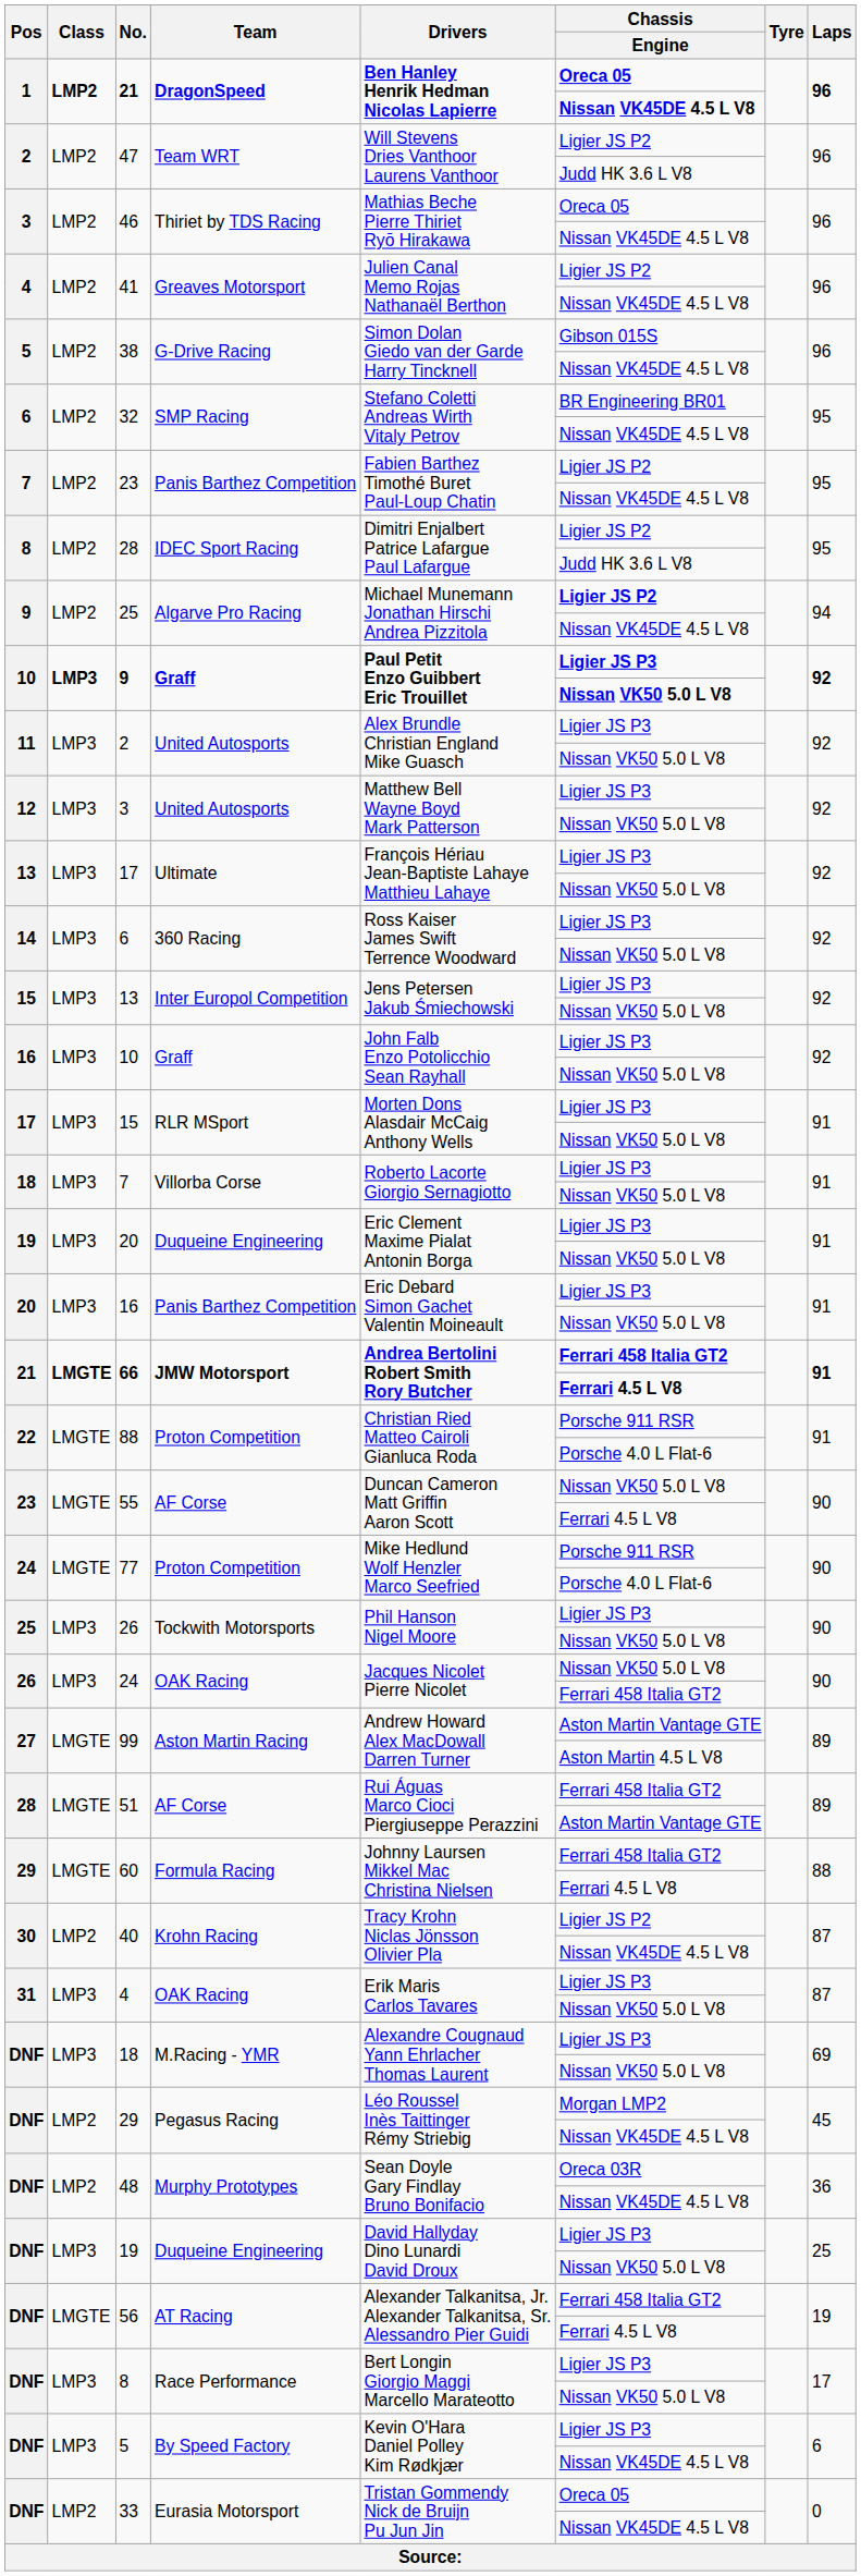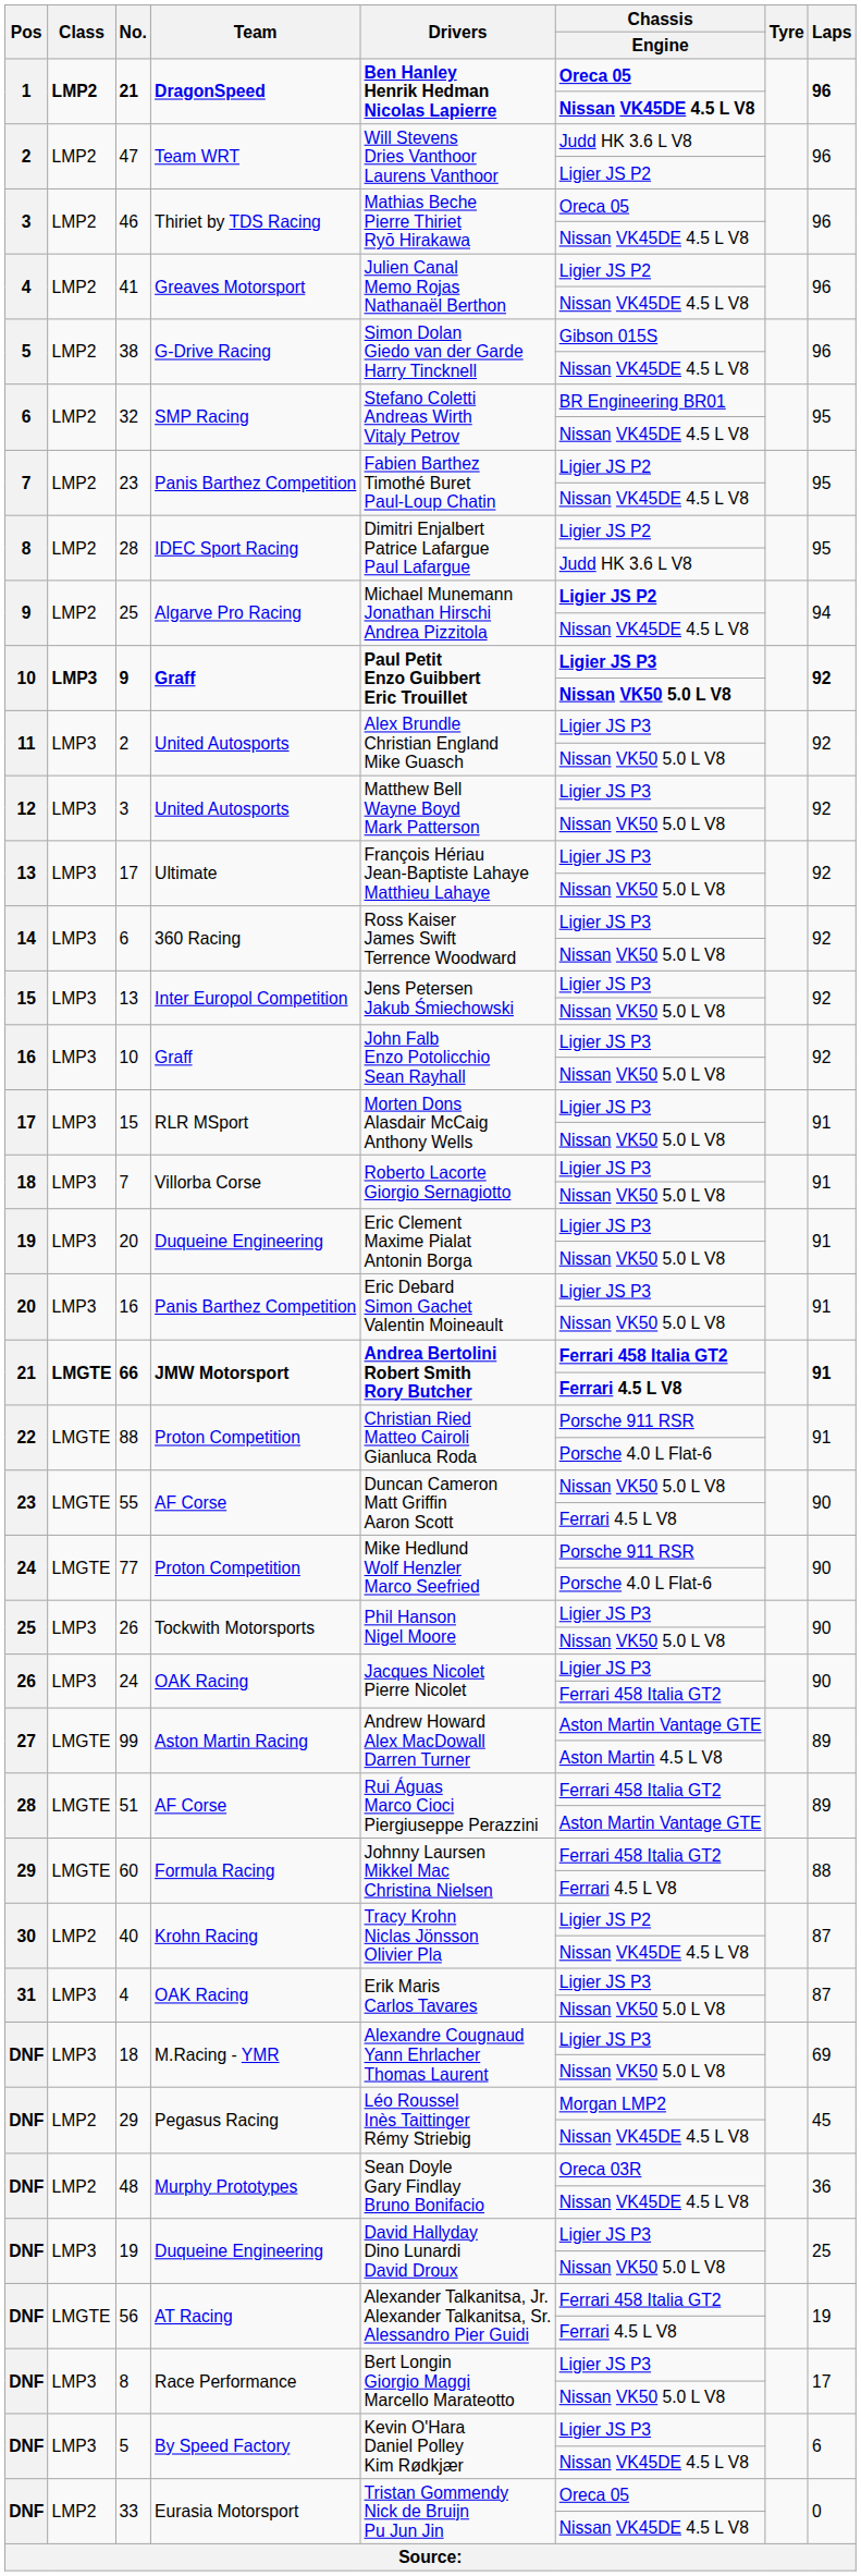 <table class="wikitable" style="font-size: 95%;">
 <tr>
 <th rowspan=2>Pos</th>
 <th rowspan=2>Class</th>
 <th rowspan=2>No.</th>
 <th rowspan=2>Team</th>
 <th rowspan=2>Drivers</th>
 <th>Chassis</th>
 <th rowspan=2>Tyre</th>
 <th rowspan=2>Laps</th>
 </tr>
 <tr>
 <th>Engine</th>
 </tr>
 <tr>
 <th rowspan=2>1</th>
 <td rowspan=2><strong>LMP2</strong></td>
 <td rowspan=2><strong>21</strong></td>
 <td rowspan=2><strong> <a href='#'>DragonSpeed</a></strong></td>
 <td rowspan=2><strong> <a href='#'>Ben Hanley</a><br> Henrik Hedman<br> <a href='#'>Nicolas Lapierre</a></strong></td>
 <td><a href='#'><strong>Oreca 05</strong></a></td>
 <td rowspan=2></td>
 <td rowspan=2><strong>96</strong></td>
 </tr>
 <tr>
 <td><strong><a href='#'>Nissan</a> <a href='#'>VK45DE</a> 4.5 L V8</strong></td>
 </tr>
 <tr>
 <th rowspan=2>2</th>
 <td rowspan=2>LMP2</td>
 <td rowspan=2>47</td>
 <td rowspan=2> <a href='#'>Team WRT</a></td>
 <td rowspan=2> <a href='#'>Will Stevens</a><br> <a href='#'>Dries Vanthoor</a><br> <a href='#'>Laurens Vanthoor</a></td>
-<td><a href='#'>Ligier JS P2</a></td>
+<td><a href='#'>Judd</a> HK 3.6 L V8</td>
 <td rowspan=2></td>
 <td rowspan=2>96</td>
 </tr>
 <tr>
-<td><a href='#'>Judd</a> HK 3.6 L V8</td>
+<td><a href='#'>Ligier JS P2</a></td>
 </tr>
 <tr>
 <th rowspan=2>3</th>
 <td rowspan=2>LMP2</td>
 <td rowspan=2>46</td>
 <td rowspan=2> Thiriet by <a href='#'>TDS Racing</a></td>
 <td rowspan=2> <a href='#'>Mathias Beche</a><br> <a href='#'>Pierre Thiriet</a><br> <a href='#'>Ryō Hirakawa</a></td>
 <td><a href='#'>Oreca 05</a></td>
 <td rowspan=2></td>
 <td rowspan=2>96</td>
 </tr>
 <tr>
 <td><a href='#'>Nissan</a> <a href='#'>VK45DE</a> 4.5 L V8</td>
 </tr>
 <tr>
 <th rowspan=2>4</th>
 <td rowspan=2>LMP2</td>
 <td rowspan=2>41</td>
 <td rowspan=2> <a href='#'>Greaves Motorsport</a></td>
 <td rowspan=2> <a href='#'>Julien Canal</a><br> <a href='#'>Memo Rojas</a><br> <a href='#'>Nathanaël Berthon</a></td>
 <td><a href='#'>Ligier JS P2</a></td>
 <td rowspan=2></td>
 <td rowspan=2>96</td>
 </tr>
 <tr>
 <td><a href='#'>Nissan</a> <a href='#'>VK45DE</a> 4.5 L V8</td>
 </tr>
 <tr>
 <th rowspan=2>5</th>
 <td rowspan=2>LMP2</td>
 <td rowspan=2>38</td>
 <td rowspan=2> <a href='#'>G-Drive Racing</a></td>
 <td rowspan=2> <a href='#'>Simon Dolan</a><br> <a href='#'>Giedo van der Garde</a><br> <a href='#'>Harry Tincknell</a></td>
 <td><a href='#'>Gibson 015S</a></td>
 <td rowspan=2></td>
 <td rowspan=2>96</td>
 </tr>
 <tr>
 <td><a href='#'>Nissan</a> <a href='#'>VK45DE</a> 4.5 L V8</td>
 </tr>
 <tr>
 <th rowspan=2>6</th>
 <td rowspan=2>LMP2</td>
 <td rowspan=2>32</td>
 <td rowspan=2> <a href='#'>SMP Racing</a></td>
 <td rowspan=2> <a href='#'>Stefano Coletti</a><br> <a href='#'>Andreas Wirth</a><br> <a href='#'>Vitaly Petrov</a></td>
 <td><a href='#'>BR Engineering BR01</a></td>
 <td rowspan=2></td>
 <td rowspan=2>95</td>
 </tr>
 <tr>
 <td><a href='#'>Nissan</a> <a href='#'>VK45DE</a> 4.5 L V8</td>
 </tr>
 <tr>
 <th rowspan=2>7</th>
 <td rowspan=2>LMP2</td>
 <td rowspan=2>23</td>
 <td rowspan=2> <a href='#'>Panis Barthez Competition</a></td>
 <td rowspan=2> <a href='#'>Fabien Barthez</a><br> Timothé Buret<br> <a href='#'>Paul-Loup Chatin</a></td>
 <td><a href='#'>Ligier JS P2</a></td>
 <td rowspan=2></td>
 <td rowspan=2>95</td>
 </tr>
 <tr>
 <td><a href='#'>Nissan</a> <a href='#'>VK45DE</a> 4.5 L V8</td>
 </tr>
 <tr>
 <th rowspan=2>8</th>
 <td rowspan=2>LMP2</td>
 <td rowspan=2>28</td>
 <td rowspan=2> <a href='#'>IDEC Sport Racing</a></td>
 <td rowspan=2> Dimitri Enjalbert<br> Patrice Lafargue<br> <a href='#'>Paul Lafargue</a></td>
 <td><a href='#'>Ligier JS P2</a></td>
 <td rowspan=2></td>
 <td rowspan=2>95</td>
 </tr>
 <tr>
 <td><a href='#'>Judd</a> HK 3.6 L V8</td>
 </tr>
 <tr>
 <th rowspan=2>9</th>
 <td rowspan=2>LMP2</td>
 <td rowspan=2>25</td>
 <td rowspan=2> <a href='#'>Algarve Pro Racing</a></td>
 <td rowspan=2> Michael Munemann<br> <a href='#'>Jonathan Hirschi</a><br> <a href='#'>Andrea Pizzitola</a></td>
 <td><strong><a href='#'>Ligier JS P2</a></strong></td>
 <td rowspan=2></td>
 <td rowspan=2>94</td>
 </tr>
 <tr>
 <td><a href='#'>Nissan</a> <a href='#'>VK45DE</a> 4.5 L V8</td>
 </tr>
 <tr>
 <th rowspan=2>10</th>
 <td rowspan=2><strong>LMP3</strong></td>
 <td rowspan=2><strong>9</strong></td>
 <td rowspan=2><strong> <a href='#'>Graff</a></strong></td>
 <td rowspan=2><strong> Paul Petit<br> Enzo Guibbert<br> Eric Trouillet</strong></td>
 <td><a href='#'><strong>Ligier JS P3</strong></a></td>
 <td rowspan=2></td>
 <td rowspan=2><strong>92</strong></td>
 </tr>
 <tr>
 <td><strong><a href='#'>Nissan</a> <a href='#'>VK50</a> 5.0 L V8</strong></td>
 </tr>
 <tr>
 <th rowspan=2>11</th>
 <td rowspan=2>LMP3</td>
 <td rowspan=2>2</td>
 <td rowspan=2> <a href='#'>United Autosports</a></td>
 <td rowspan=2> <a href='#'>Alex Brundle</a><br> Christian England<br> Mike Guasch</td>
 <td><a href='#'>Ligier JS P3</a></td>
 <td rowspan=2></td>
 <td rowspan=2>92</td>
 </tr>
 <tr>
 <td><a href='#'>Nissan</a> <a href='#'>VK50</a> 5.0 L V8</td>
 </tr>
 <tr>
 <th rowspan=2>12</th>
 <td rowspan=2>LMP3</td>
 <td rowspan=2>3</td>
 <td rowspan=2> <a href='#'>United Autosports</a></td>
 <td rowspan=2> Matthew Bell<br> <a href='#'>Wayne Boyd</a><br> <a href='#'>Mark Patterson</a></td>
 <td><a href='#'>Ligier JS P3</a></td>
 <td rowspan=2></td>
 <td rowspan=2>92</td>
 </tr>
 <tr>
 <td><a href='#'>Nissan</a> <a href='#'>VK50</a> 5.0 L V8</td>
 </tr>
 <tr>
 <th rowspan=2>13</th>
 <td rowspan=2>LMP3</td>
 <td rowspan=2>17</td>
 <td rowspan=2> Ultimate</td>
 <td rowspan=2> François Hériau<br> Jean-Baptiste Lahaye<br> <a href='#'>Matthieu Lahaye</a></td>
 <td><a href='#'>Ligier JS P3</a></td>
 <td rowspan=2></td>
 <td rowspan=2>92</td>
 </tr>
 <tr>
 <td><a href='#'>Nissan</a> <a href='#'>VK50</a> 5.0 L V8</td>
 </tr>
 <tr>
 <th rowspan=2>14</th>
 <td rowspan=2>LMP3</td>
 <td rowspan=2>6</td>
 <td rowspan=2> 360 Racing</td>
 <td rowspan=2> Ross Kaiser<br> James Swift<br> Terrence Woodward</td>
 <td><a href='#'>Ligier JS P3</a></td>
 <td rowspan=2></td>
 <td rowspan=2>92</td>
 </tr>
 <tr>
 <td><a href='#'>Nissan</a> <a href='#'>VK50</a> 5.0 L V8</td>
 </tr>
 <tr>
 <th rowspan=2>15</th>
 <td rowspan=2>LMP3</td>
 <td rowspan=2>13</td>
 <td rowspan=2> <a href='#'>Inter Europol Competition</a></td>
 <td rowspan=2> Jens Petersen<br> <a href='#'>Jakub Śmiechowski</a></td>
 <td><a href='#'>Ligier JS P3</a></td>
 <td rowspan=2></td>
 <td rowspan=2>92</td>
 </tr>
 <tr>
 <td><a href='#'>Nissan</a> <a href='#'>VK50</a> 5.0 L V8</td>
 </tr>
 <tr>
 <th rowspan=2>16</th>
 <td rowspan=2>LMP3</td>
 <td rowspan=2>10</td>
 <td rowspan=2> <a href='#'>Graff</a></td>
 <td rowspan=2> <a href='#'>John Falb</a><br> <a href='#'>Enzo Potolicchio</a><br> <a href='#'>Sean Rayhall</a></td>
 <td><a href='#'>Ligier JS P3</a></td>
 <td rowspan=2></td>
 <td rowspan=2>92</td>
 </tr>
 <tr>
 <td><a href='#'>Nissan</a> <a href='#'>VK50</a> 5.0 L V8</td>
 </tr>
 <tr>
 <th rowspan=2>17</th>
 <td rowspan=2>LMP3</td>
 <td rowspan=2>15</td>
 <td rowspan=2> RLR MSport</td>
 <td rowspan=2> <a href='#'>Morten Dons</a><br> Alasdair McCaig<br> Anthony Wells</td>
 <td><a href='#'>Ligier JS P3</a></td>
 <td rowspan=2></td>
 <td rowspan=2>91</td>
 </tr>
 <tr>
 <td><a href='#'>Nissan</a> <a href='#'>VK50</a> 5.0 L V8</td>
 </tr>
 <tr>
 <th rowspan=2>18</th>
 <td rowspan=2>LMP3</td>
 <td rowspan=2>7</td>
 <td rowspan=2> Villorba Corse</td>
 <td rowspan=2> <a href='#'>Roberto Lacorte</a><br> <a href='#'>Giorgio Sernagiotto</a></td>
 <td><a href='#'>Ligier JS P3</a></td>
 <td rowspan=2></td>
 <td rowspan=2>91</td>
 </tr>
 <tr>
 <td><a href='#'>Nissan</a> <a href='#'>VK50</a> 5.0 L V8</td>
 </tr>
 <tr>
 <th rowspan=2>19</th>
 <td rowspan=2>LMP3</td>
 <td rowspan=2>20</td>
 <td rowspan=2> <a href='#'>Duqueine Engineering</a></td>
 <td rowspan=2> Eric Clement<br> Maxime Pialat<br> Antonin Borga</td>
 <td><a href='#'>Ligier JS P3</a></td>
 <td rowspan=2></td>
 <td rowspan=2>91</td>
 </tr>
 <tr>
 <td><a href='#'>Nissan</a> <a href='#'>VK50</a> 5.0 L V8</td>
 </tr>
 <tr>
 <th rowspan=2>20</th>
 <td rowspan=2>LMP3</td>
 <td rowspan=2>16</td>
 <td rowspan=2> <a href='#'>Panis Barthez Competition</a></td>
 <td rowspan=2> Eric Debard<br> <a href='#'>Simon Gachet</a><br> Valentin Moineault</td>
 <td><a href='#'>Ligier JS P3</a></td>
 <td rowspan=2></td>
 <td rowspan=2>91</td>
 </tr>
 <tr>
 <td><a href='#'>Nissan</a> <a href='#'>VK50</a> 5.0 L V8</td>
 </tr>
 <tr>
 <th rowspan=2>21</th>
 <td rowspan=2><strong>LMGTE</strong></td>
 <td rowspan=2><strong>66</strong></td>
 <td rowspan=2><strong> JMW Motorsport</strong></td>
 <td rowspan=2><strong> <a href='#'>Andrea Bertolini</a><br> Robert Smith<br> <a href='#'>Rory Butcher</a></strong></td>
 <td><a href='#'><strong>Ferrari 458 Italia GT2</strong></a></td>
 <td rowspan=2></td>
 <td rowspan=2><strong>91</strong></td>
 </tr>
 <tr>
 <td><strong><a href='#'>Ferrari</a> 4.5 L V8</strong></td>
 </tr>
 <tr>
 <th rowspan=2>22</th>
 <td rowspan=2>LMGTE</td>
 <td rowspan=2>88</td>
 <td rowspan=2> <a href='#'>Proton Competition</a></td>
 <td rowspan=2> <a href='#'>Christian Ried</a><br> <a href='#'>Matteo Cairoli</a><br> Gianluca Roda</td>
 <td><a href='#'>Porsche 911 RSR</a></td>
 <td rowspan=2></td>
 <td rowspan=2>91</td>
 </tr>
 <tr>
 <td><a href='#'>Porsche</a> 4.0 L Flat-6</td>
 </tr>
 <tr>
 <th rowspan=2>23</th>
 <td rowspan=2>LMGTE</td>
 <td rowspan=2>55</td>
 <td rowspan=2> <a href='#'>AF Corse</a></td>
 <td rowspan=2> Duncan Cameron<br> Matt Griffin<br> Aaron Scott</td>
 <td><a href='#'>Nissan</a> <a href='#'>VK50</a> 5.0 L V8</td>
 <td rowspan=2></td>
 <td rowspan=2>90</td>
 </tr>
 <tr>
 <td><a href='#'>Ferrari</a> 4.5 L V8</td>
 </tr>
 <tr>
 <th rowspan=2>24</th>
 <td rowspan=2>LMGTE</td>
 <td rowspan=2>77</td>
 <td rowspan=2> <a href='#'>Proton Competition</a></td>
 <td rowspan=2> Mike Hedlund<br> <a href='#'>Wolf Henzler</a><br> <a href='#'>Marco Seefried</a></td>
 <td><a href='#'>Porsche 911 RSR</a></td>
 <td rowspan=2></td>
 <td rowspan=2>90</td>
 </tr>
 <tr>
 <td><a href='#'>Porsche</a> 4.0 L Flat-6</td>
 </tr>
 <tr>
 <th rowspan=2>25</th>
 <td rowspan=2>LMP3</td>
 <td rowspan=2>26</td>
 <td rowspan=2> Tockwith Motorsports</td>
 <td rowspan=2> <a href='#'>Phil Hanson</a><br> <a href='#'>Nigel Moore</a></td>
 <td><a href='#'>Ligier JS P3</a></td>
 <td rowspan=2></td>
 <td rowspan=2>90</td>
 </tr>
 <tr>
 <td><a href='#'>Nissan</a> <a href='#'>VK50</a> 5.0 L V8</td>
 </tr>
 <tr>
 <th rowspan="2">26</th>
 <td rowspan="2">LMP3</td>
 <td rowspan="2">24</td>
 <td rowspan="2"> <a href='#'>OAK Racing</a></td>
 <td rowspan="2"> <a href='#'>Jacques Nicolet</a><br> Pierre Nicolet</td>
-<td><a href='#'>Nissan</a> <a href='#'>VK50</a> 5.0 L V8</td>
+<td><a href='#'>Ligier JS P3</a></td>
 <td rowspan="2"></td>
 <td rowspan="2">90</td>
 </tr>
 <tr>
 <td><a href='#'>Ferrari 458 Italia GT2</a></td>
 </tr>
 <tr>
 <th rowspan=2>27</th>
 <td rowspan=2>LMGTE</td>
 <td rowspan=2>99</td>
 <td rowspan=2> <a href='#'>Aston Martin Racing</a></td>
 <td rowspan=2> Andrew Howard<br> <a href='#'>Alex MacDowall</a><br> <a href='#'>Darren Turner</a></td>
 <td><a href='#'>Aston Martin Vantage GTE</a></td>
 <td rowspan=2></td>
 <td rowspan=2>89</td>
 </tr>
 <tr>
 <td><a href='#'>Aston Martin</a> 4.5 L V8</td>
 </tr>
 <tr>
 <th rowspan="2">28</th>
 <td rowspan="2">LMGTE</td>
 <td rowspan="2">51</td>
 <td rowspan="2"> <a href='#'>AF Corse</a></td>
 <td rowspan="2"> <a href='#'>Rui Águas</a><br> <a href='#'>Marco Cioci</a><br> Piergiuseppe Perazzini</td>
 <td><a href='#'>Ferrari 458 Italia GT2</a></td>
 <td rowspan="2"></td>
 <td rowspan="2">89</td>
 </tr>
 <tr>
 <td><a href='#'>Aston Martin Vantage GTE</a></td>
 </tr>
 <tr>
 <th rowspan="2">29</th>
 <td rowspan="2">LMGTE</td>
 <td rowspan="2">60</td>
 <td rowspan="2"> <a href='#'>Formula Racing</a></td>
 <td rowspan="2"> Johnny Laursen<br> <a href='#'>Mikkel Mac</a><br> <a href='#'>Christina Nielsen</a></td>
 <td><a href='#'>Ferrari 458 Italia GT2</a></td>
 <td rowspan="2"></td>
 <td rowspan="2">88</td>
 </tr>
 <tr>
 <td><a href='#'>Ferrari</a> 4.5 L V8</td>
 </tr>
 <tr>
 <th rowspan="2">30</th>
 <td rowspan="2">LMP2</td>
 <td rowspan="2">40</td>
 <td rowspan="2"> <a href='#'>Krohn Racing</a></td>
 <td rowspan="2"> <a href='#'>Tracy Krohn</a><br> <a href='#'>Niclas Jönsson</a><br> <a href='#'>Olivier Pla</a></td>
 <td><a href='#'>Ligier JS P2</a></td>
 <td rowspan="2"></td>
 <td rowspan="2">87</td>
 </tr>
 <tr>
 <td><a href='#'>Nissan</a> <a href='#'>VK45DE</a> 4.5 L V8</td>
 </tr>
 <tr>
 <th rowspan="2">31</th>
 <td rowspan="2">LMP3</td>
 <td rowspan="2">4</td>
 <td rowspan="2"> <a href='#'>OAK Racing</a></td>
 <td rowspan="2"> Erik Maris<br> <a href='#'>Carlos Tavares</a></td>
 <td><a href='#'>Ligier JS P3</a></td>
 <td rowspan="2"></td>
 <td rowspan="2">87</td>
 </tr>
 <tr>
 <td><a href='#'>Nissan</a> <a href='#'>VK50</a> 5.0 L V8</td>
 </tr>
 <tr>
 <th rowspan="2">DNF</th>
 <td rowspan="2">LMP3</td>
 <td rowspan="2">18</td>
 <td rowspan="2"> M.Racing - <a href='#'>YMR</a></td>
 <td rowspan="2"> <a href='#'>Alexandre Cougnaud</a><br> <a href='#'>Yann Ehrlacher</a><br> <a href='#'>Thomas Laurent</a></td>
 <td><a href='#'>Ligier JS P3</a></td>
 <td rowspan="2"></td>
 <td rowspan="2">69</td>
 </tr>
 <tr>
 <td><a href='#'>Nissan</a> <a href='#'>VK50</a> 5.0 L V8</td>
 </tr>
 <tr>
 <th rowspan="2">DNF</th>
 <td rowspan="2">LMP2</td>
 <td rowspan="2">29</td>
 <td rowspan="2"> Pegasus Racing</td>
 <td rowspan="2"> <a href='#'>Léo Roussel</a><br> <a href='#'>Inès Taittinger</a><br> Rémy Striebig</td>
 <td><a href='#'>Morgan LMP2</a></td>
 <td rowspan="2"></td>
 <td rowspan="2">45</td>
 </tr>
 <tr>
 <td><a href='#'>Nissan</a> <a href='#'>VK45DE</a> 4.5 L V8</td>
 </tr>
 <tr>
 <th rowspan="2">DNF</th>
 <td rowspan="2">LMP2</td>
 <td rowspan="2">48</td>
 <td rowspan="2"> <a href='#'>Murphy Prototypes</a></td>
 <td rowspan="2"> Sean Doyle<br> Gary Findlay<br> <a href='#'>Bruno Bonifacio</a></td>
 <td><a href='#'>Oreca 03R</a></td>
 <td rowspan="2"></td>
 <td rowspan="2">36</td>
 </tr>
 <tr>
 <td><a href='#'>Nissan</a> <a href='#'>VK45DE</a> 4.5 L V8</td>
 </tr>
 <tr>
 <th rowspan="2">DNF</th>
 <td rowspan="2">LMP3</td>
 <td rowspan="2">19</td>
 <td rowspan="2"> <a href='#'>Duqueine Engineering</a></td>
 <td rowspan="2"> <a href='#'>David Hallyday</a><br> Dino Lunardi<br> <a href='#'>David Droux</a></td>
 <td><a href='#'>Ligier JS P3</a></td>
 <td rowspan="2"></td>
 <td rowspan="2">25</td>
 </tr>
 <tr>
 <td><a href='#'>Nissan</a> <a href='#'>VK50</a> 5.0 L V8</td>
 </tr>
 <tr>
 <th rowspan="2">DNF</th>
 <td rowspan="2">LMGTE</td>
 <td rowspan="2">56</td>
 <td rowspan="2"> <a href='#'>AT Racing</a></td>
 <td rowspan="2"> Alexander Talkanitsa, Jr.<br> Alexander Talkanitsa, Sr.<br> <a href='#'>Alessandro Pier Guidi</a></td>
 <td><a href='#'>Ferrari 458 Italia GT2</a></td>
 <td rowspan="2"></td>
 <td rowspan="2">19</td>
 </tr>
 <tr>
 <td><a href='#'>Ferrari</a> 4.5 L V8</td>
 </tr>
 <tr>
 <th rowspan="2">DNF</th>
 <td rowspan="2">LMP3</td>
 <td rowspan="2">8</td>
 <td rowspan="2"> Race Performance</td>
 <td rowspan="2"> Bert Longin<br> <a href='#'>Giorgio Maggi</a><br> Marcello Marateotto</td>
 <td><a href='#'>Ligier JS P3</a></td>
 <td rowspan="2"></td>
 <td rowspan="2">17</td>
 </tr>
 <tr>
 <td><a href='#'>Nissan</a> <a href='#'>VK50</a> 5.0 L V8</td>
 </tr>
 <tr>
 <th rowspan="2">DNF</th>
 <td rowspan="2">LMP3</td>
 <td rowspan="2">5</td>
 <td rowspan="2"> <a href='#'>By Speed Factory</a></td>
 <td rowspan="2"> Kevin O'Hara<br> Daniel Polley<br> Kim Rødkjær</td>
 <td><a href='#'>Ligier JS P3</a></td>
 <td rowspan="2"></td>
 <td rowspan="2">6</td>
 </tr>
 <tr>
 <td><a href='#'>Nissan</a> <a href='#'>VK45DE</a> 4.5 L V8</td>
 </tr>
 <tr>
 <th rowspan="2">DNF</th>
 <td rowspan="2">LMP2</td>
 <td rowspan="2">33</td>
 <td rowspan="2"> Eurasia Motorsport</td>
 <td rowspan="2"> <a href='#'>Tristan Gommendy</a><br> <a href='#'>Nick de Bruijn</a><br> <a href='#'>Pu Jun Jin</a></td>
 <td><a href='#'>Oreca 05</a></td>
 <td rowspan="2"></td>
 <td rowspan="2">0</td>
 </tr>
 <tr>
 <td><a href='#'>Nissan</a> <a href='#'>VK45DE</a> 4.5 L V8</td>
 </tr>
 <tr>
 <th colspan="8">Source:</th>
 </tr>
 </table>
